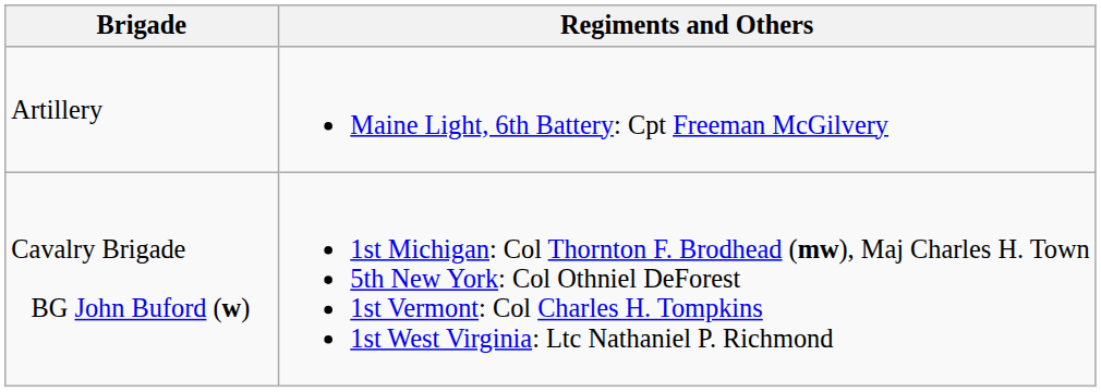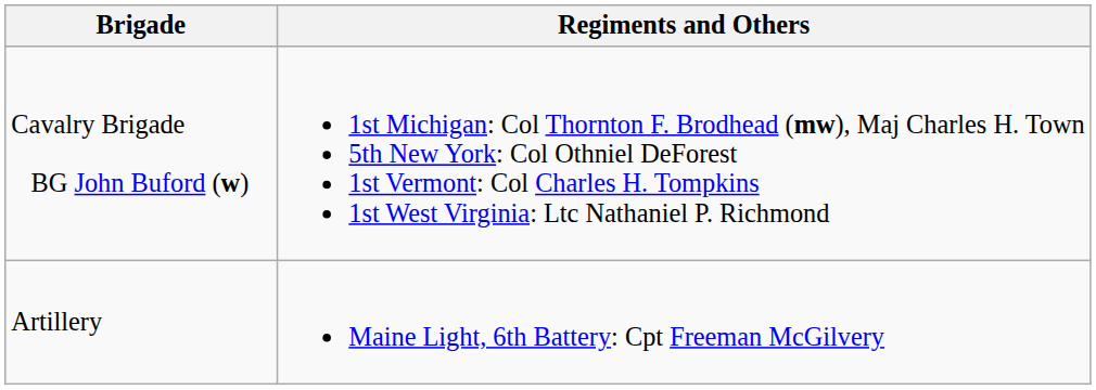 <table class="wikitable">
 <tr>
 <th width=25%>Brigade</th>
 <th>Regiments and Others</th>
 </tr>
 <tr>
+<td>Cavalry Brigade<br><br>   BG <a href='#'>John Buford</a> (<strong>w</strong>)</td>
+<td><br><ul><li><a href='#'>1st Michigan</a>: Col <a href='#'>Thornton F. Brodhead</a> (<strong>mw</strong>), Maj Charles H. Town</li><li><a href='#'>5th New York</a>: Col Othniel DeForest</li><li><a href='#'>1st Vermont</a>: Col <a href='#'>Charles H. Tompkins</a></li><li><a href='#'>1st West Virginia</a>: Ltc Nathaniel P. Richmond</li></ul></td>
+</tr>
+<tr>
 <td>Artillery</td>
 <td><br><ul><li><a href='#'>Maine Light, 6th Battery</a>: Cpt <a href='#'>Freeman McGilvery</a></li></ul></td>
 </tr>
-<tr>
-<td>Cavalry Brigade<br><br>   BG <a href='#'>John Buford</a> (<strong>w</strong>)</td>
-<td><br><ul><li><a href='#'>1st Michigan</a>: Col <a href='#'>Thornton F. Brodhead</a> (<strong>mw</strong>), Maj Charles H. Town</li><li><a href='#'>5th New York</a>: Col Othniel DeForest</li><li><a href='#'>1st Vermont</a>: Col <a href='#'>Charles H. Tompkins</a></li><li><a href='#'>1st West Virginia</a>: Ltc Nathaniel P. Richmond</li></ul></td>
-</tr>
 </table>
